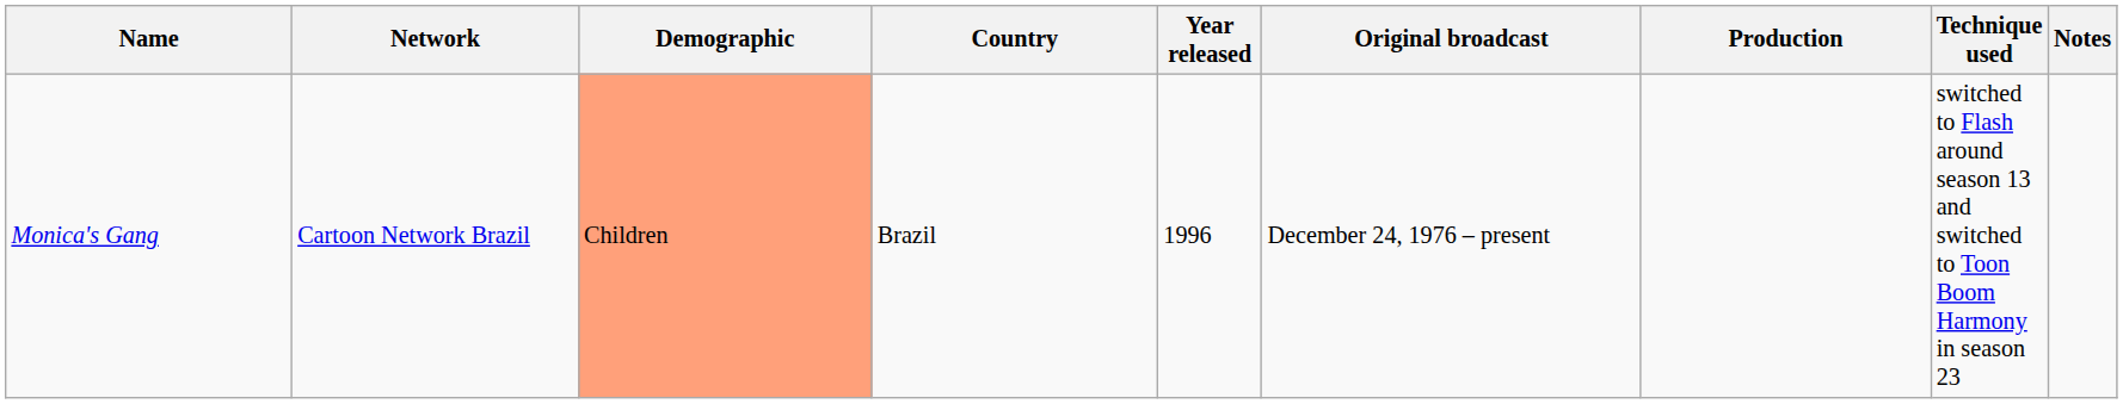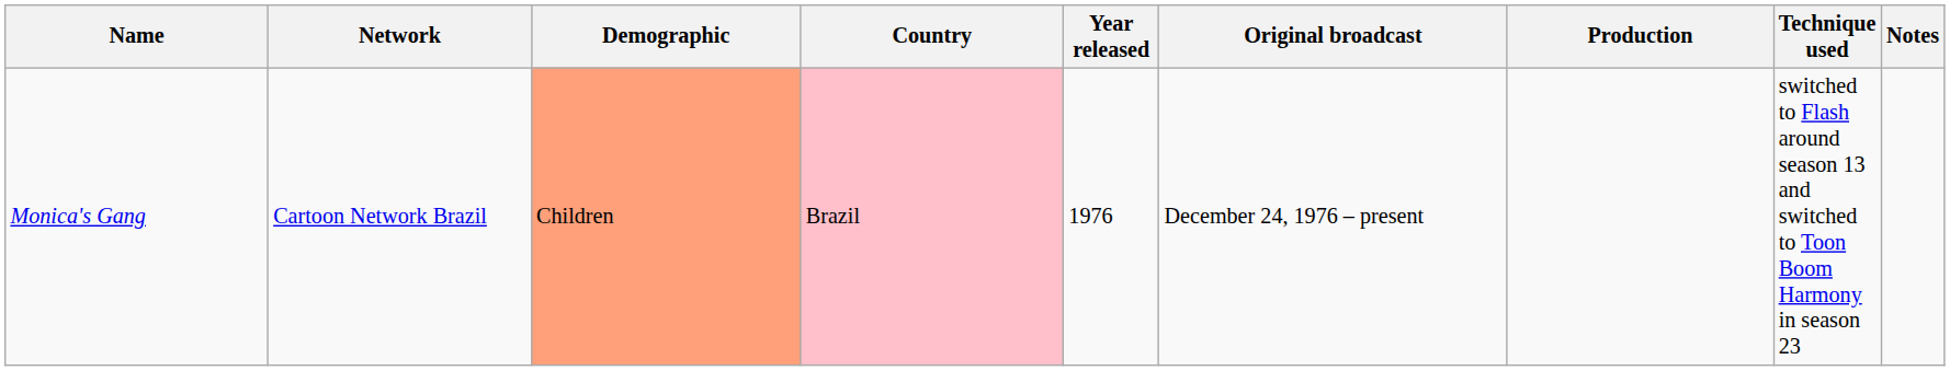 <table class="wikitable sortable" style="text-align: left; font-size:90%; width:100%;">
 <tr>
 <th style="width:15%">Name</th>
 <th style="width:15%">Network</th>
 <th style="width:15%">Demographic</th>
 <th style="width:15%">Country</th>
 <th style="width:5%">Year<br>released</th>
 <th style="width:20%">Original broadcast</th>
 <th style="width:25%">Production</th>
 <th style="width:30%">Technique used</th>
 <th style="width:30%">Notes</th>
 </tr>
 <tr>
 <td><em><a href='#'>Monica's Gang</a></em></td>
 <td><a href='#'>Cartoon Network Brazil</a></td>
 <td style="background: lightsalmon;">Children</td>
-<td>Brazil</td>
-<td>1996</td>
+<td style="background: pink;">Brazil</td>
+<td>1976</td>
 <td>December 24, 1976 – present</td>
 <td></td>
 <td>switched to <a href='#'>Flash</a> around season 13 and switched to <a href='#'>Toon Boom Harmony</a> in season 23</td>
 <td></td>
 </tr>
 </table>
